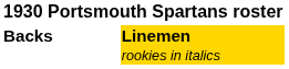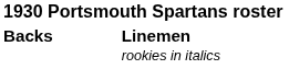 <table class="toccolours" style="text-align: left;">
 <tr>
 <th colspan="7" style="text-align:center; ">1930 Portsmouth Spartans roster</th>
 </tr>
 <tr>
 <td style="font-size: 95%;" valign="top"><strong>Backs</strong><br>         </td>
 <td style="width: 25px;"></td>
-<td style="background: gold; font-size: 95%;" valign="top"><strong>Linemen</strong><br>                             <small><em>rookies in italics</em></small><br></td>
+<td style="font-size: 95%;" valign="top"><strong>Linemen</strong><br>                             <small><em>rookies in italics</em></small><br></td>
 </tr>
 <tr>
 </tr>
 </table>
